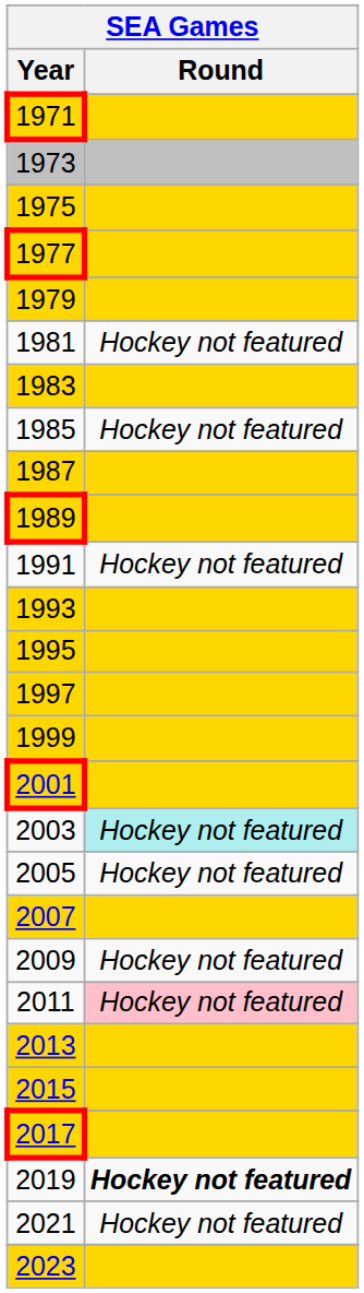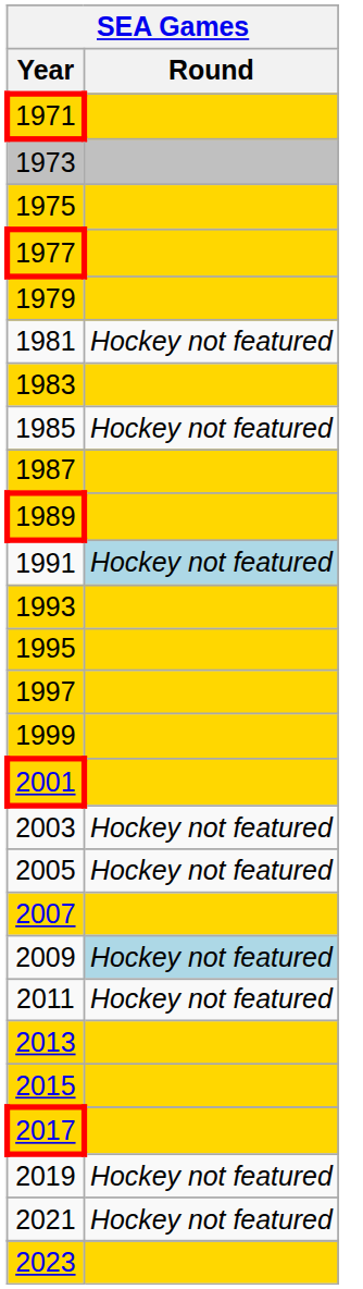 <table class="wikitable" style="text-align: center; font-size: 90%;">
 <tr>
 <th colspan="8"><a href='#'>SEA Games</a></th>
 </tr>
 <tr>
 <th>Year</th>
 <th>Round</th>
 </tr>
 <tr bgcolor=gold>
 <td style="border: 3px solid red"> 1971</td>
 <td></td>
 </tr>
 <tr bgcolor=silver>
 <td> 1973</td>
 <td></td>
 </tr>
 <tr bgcolor=gold>
 <td> 1975</td>
 <td></td>
 </tr>
 <tr bgcolor=gold>
 <td style="border: 3px solid red"> 1977</td>
 <td></td>
 </tr>
 <tr bgcolor=gold>
 <td> 1979</td>
 <td></td>
 </tr>
 <tr>
 <td> 1981</td>
 <td><em>Hockey not featured</em></td>
 </tr>
 <tr bgcolor=gold>
 <td> 1983</td>
 <td></td>
 </tr>
 <tr>
 <td> 1985</td>
 <td><em>Hockey not featured</em></td>
 </tr>
 <tr bgcolor=gold>
 <td> 1987</td>
 <td></td>
 </tr>
 <tr bgcolor=gold>
 <td style="border: 3px solid red"> 1989</td>
 <td></td>
 </tr>
 <tr>
 <td> 1991</td>
-<td><em>Hockey not featured</em></td>
+<td style="background: lightblue;"><em>Hockey not featured</em></td>
 </tr>
 <tr bgcolor=gold>
 <td> 1993</td>
 <td></td>
 </tr>
 <tr bgcolor=gold>
 <td> 1995</td>
 <td></td>
 </tr>
 <tr bgcolor=gold>
 <td> 1997</td>
 <td></td>
 </tr>
 <tr bgcolor=gold>
 <td> 1999</td>
 <td></td>
 </tr>
 <tr bgcolor=gold>
 <td style="border: 3px solid red"> <a href='#'>2001</a></td>
 <td></td>
 </tr>
 <tr>
 <td> 2003</td>
-<td style="background: paleturquoise;"><em>Hockey not featured</em></td>
+<td><em>Hockey not featured</em></td>
 </tr>
 <tr>
 <td> 2005</td>
 <td><em>Hockey not featured</em></td>
 </tr>
 <tr bgcolor=gold>
 <td> <a href='#'>2007</a></td>
 <td></td>
 </tr>
 <tr>
 <td> 2009</td>
-<td><em>Hockey not featured</em></td>
+<td style="background: lightblue;"><em>Hockey not featured</em></td>
 </tr>
 <tr>
 <td> 2011</td>
-<td style="background: pink;"><em>Hockey not featured</em></td>
+<td><em>Hockey not featured</em></td>
 </tr>
 <tr bgcolor=gold>
 <td> <a href='#'>2013</a></td>
 <td></td>
 </tr>
 <tr bgcolor=gold>
 <td> <a href='#'>2015</a></td>
 <td></td>
 </tr>
 <tr>
 </tr>
 <tr bgcolor=gold>
 <td style="border: 3px solid red"> <a href='#'>2017</a></td>
 <td></td>
 </tr>
 <tr>
 <td> 2019</td>
-<td><strong><em>Hockey not featured</em></strong></td>
+<td><em>Hockey not featured</em></td>
 </tr>
 <tr>
 <td> 2021</td>
 <td><em>Hockey not featured</em></td>
 </tr>
 <tr>
 </tr>
 <tr bgcolor=gold>
 <td> <a href='#'>2023</a></td>
 <td></td>
 </tr>
 </table>
